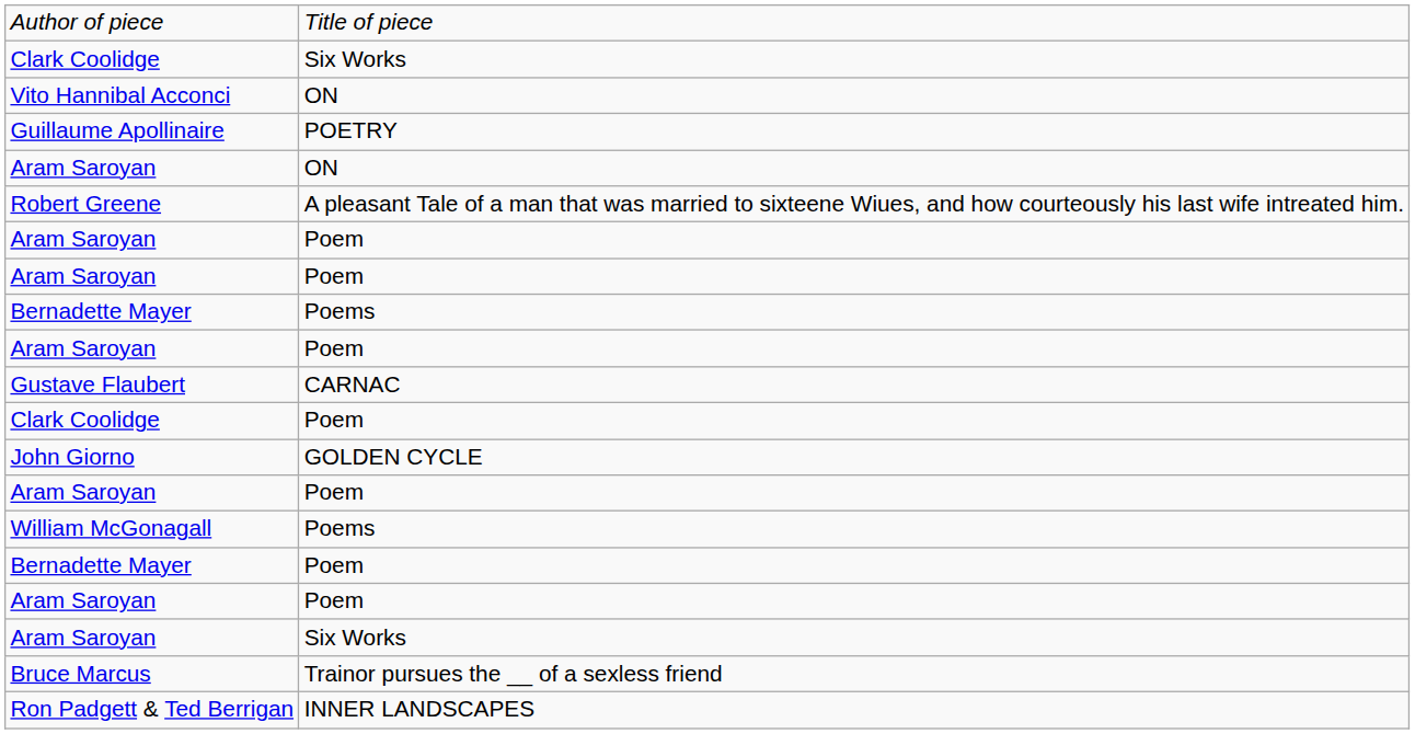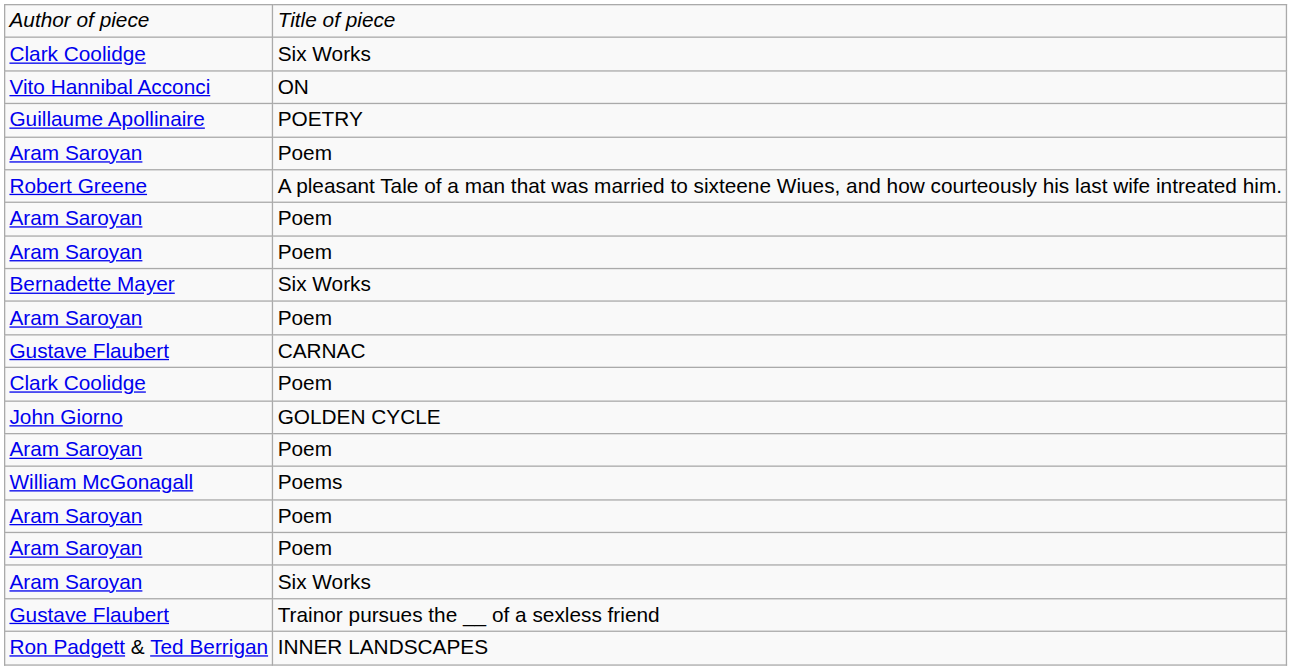 <table class="wikitable">
 <tr>
 <td><em>Author of piece</em></td>
 <td><em>Title of piece</em></td>
 </tr>
 <tr>
 <td><a href='#'>Clark Coolidge</a></td>
 <td>Six Works</td>
 </tr>
 <tr>
 <td><a href='#'>Vito Hannibal Acconci</a></td>
 <td>ON</td>
 </tr>
 <tr>
 <td><a href='#'>Guillaume Apollinaire</a></td>
 <td>POETRY</td>
 </tr>
 <tr>
 <td><a href='#'>Aram Saroyan</a></td>
-<td>ON</td>
+<td>Poem</td>
 </tr>
 <tr>
 <td><a href='#'>Robert Greene</a></td>
 <td>A pleasant Tale of a man that was married to sixteene Wiues, and how courteously his last wife intreated him.</td>
 </tr>
 <tr>
 <td><a href='#'>Aram Saroyan</a></td>
 <td>Poem</td>
 </tr>
 <tr>
 <td><a href='#'>Aram Saroyan</a></td>
 <td>Poem</td>
 </tr>
 <tr>
 <td><a href='#'>Bernadette Mayer</a></td>
-<td>Poems</td>
+<td>Six Works</td>
 </tr>
 <tr>
 <td><a href='#'>Aram Saroyan</a></td>
 <td>Poem</td>
 </tr>
 <tr>
 <td><a href='#'>Gustave Flaubert</a></td>
 <td>CARNAC</td>
 </tr>
 <tr>
 <td><a href='#'>Clark Coolidge</a></td>
 <td>Poem</td>
 </tr>
 <tr>
 <td><a href='#'>John Giorno</a></td>
 <td>GOLDEN CYCLE</td>
 </tr>
 <tr>
 <td><a href='#'>Aram Saroyan</a></td>
 <td>Poem</td>
 </tr>
 <tr>
 <td><a href='#'>William McGonagall</a></td>
 <td>Poems</td>
 </tr>
 <tr>
-<td><a href='#'>Bernadette Mayer</a></td>
+<td><a href='#'>Aram Saroyan</a></td>
 <td>Poem</td>
 </tr>
 <tr>
 <td><a href='#'>Aram Saroyan</a></td>
 <td>Poem</td>
 </tr>
 <tr>
 <td><a href='#'>Aram Saroyan</a></td>
 <td>Six Works</td>
 </tr>
 <tr>
-<td><a href='#'>Bruce Marcus</a></td>
+<td><a href='#'>Gustave Flaubert</a></td>
 <td>Trainor pursues the __ of a sexless friend</td>
 </tr>
 <tr>
 <td><a href='#'>Ron Padgett</a> & <a href='#'>Ted Berrigan</a></td>
 <td>INNER LANDSCAPES</td>
 </tr>
 </table>
